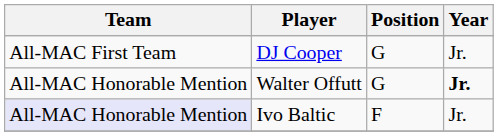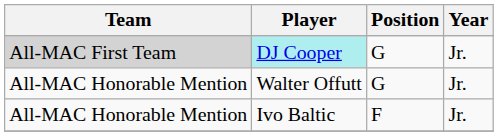 <table class="wikitable" border="1">
 <tr align=center>
 <th style= >Team</th>
 <th style= >Player</th>
 <th style= >Position</th>
 <th style= >Year</th>
 </tr>
 <tr align="center">
 </tr>
 <tr>
-<td>All-MAC First Team</td>
-<td><a href='#'>DJ Cooper</a></td>
+<td style="background: lightgrey;">All-MAC First Team</td>
+<td style="background: paleturquoise;"><a href='#'>DJ Cooper</a></td>
 <td>G</td>
 <td>Jr.</td>
 </tr>
 <tr>
 <td>All-MAC Honorable Mention</td>
 <td>Walter Offutt</td>
 <td>G</td>
-<td><strong>Jr.</strong></td>
+<td>Jr.</td>
 </tr>
 <tr>
-<td style="background: lavender;">All-MAC Honorable Mention</td>
+<td>All-MAC Honorable Mention</td>
 <td>Ivo Baltic</td>
 <td>F</td>
 <td>Jr.</td>
 </tr>
 <tr>
 </tr>
 </table>
